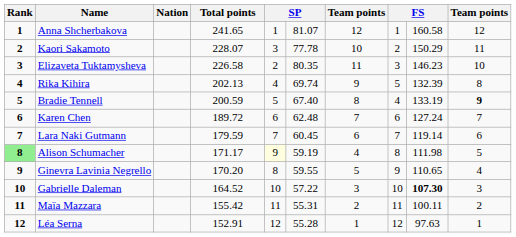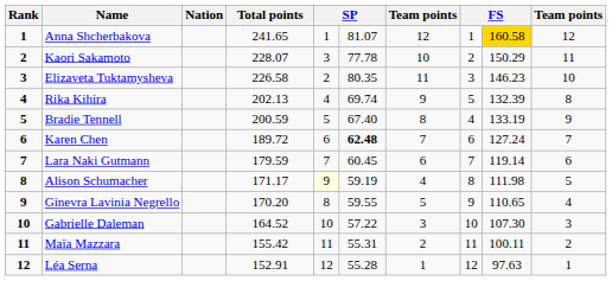 <table class="wikitable sortable">
 <tr>
 <th>Rank</th>
 <th>Name</th>
 <th>Nation</th>
 <th width="100">Total points</th>
 <th width="80" colspan="2"><a href='#'>SP</a></th>
 <th>Team points</th>
 <th width="80" colspan="2"><a href='#'>FS</a></th>
 <th>Team points</th>
 </tr>
 <tr>
 <td style="text-align: center;"><strong>1</strong></td>
 <td><a href='#'>Anna Shcherbakova</a></td>
 <td></td>
 <td style="text-align: center;">241.65</td>
 <td style="text-align: center;">1</td>
 <td style="text-align: center;">81.07</td>
 <td style="text-align: center;">12</td>
 <td style="text-align: center;">1</td>
-<td style="text-align: center;">160.58</td>
+<td style="background: gold; text-align: center;">160.58</td>
 <td style="text-align: center;">12</td>
 </tr>
 <tr>
 <td style="text-align: center;"><strong>2</strong></td>
 <td><a href='#'>Kaori Sakamoto</a></td>
 <td></td>
 <td style="text-align: center;">228.07</td>
 <td style="text-align: center;">3</td>
 <td style="text-align: center;">77.78</td>
 <td style="text-align: center;">10</td>
 <td style="text-align: center;">2</td>
 <td style="text-align: center;">150.29</td>
 <td style="text-align: center;">11</td>
 </tr>
 <tr>
 <td style="text-align: center;"><strong>3</strong></td>
 <td><a href='#'>Elizaveta Tuktamysheva</a></td>
 <td></td>
 <td style="text-align: center;">226.58</td>
 <td style="text-align: center;">2</td>
 <td style="text-align: center;">80.35</td>
 <td style="text-align: center;">11</td>
 <td style="text-align: center;">3</td>
 <td style="text-align: center;">146.23</td>
 <td style="text-align: center;">10</td>
 </tr>
 <tr>
 <td style="text-align: center;"><strong>4</strong></td>
 <td><a href='#'>Rika Kihira</a></td>
 <td></td>
 <td style="text-align: center;">202.13</td>
 <td style="text-align: center;">4</td>
 <td style="text-align: center;">69.74</td>
 <td style="text-align: center;">9</td>
 <td style="text-align: center;">5</td>
 <td style="text-align: center;">132.39</td>
 <td style="text-align: center;">8</td>
 </tr>
 <tr>
 <td style="text-align: center;"><strong>5</strong></td>
 <td><a href='#'>Bradie Tennell</a></td>
 <td></td>
 <td style="text-align: center;">200.59</td>
 <td style="text-align: center;">5</td>
 <td style="text-align: center;">67.40</td>
 <td style="text-align: center;">8</td>
 <td style="text-align: center;">4</td>
 <td style="text-align: center;">133.19</td>
-<td style="text-align: center;"><strong>9</strong></td>
+<td style="text-align: center;">9</td>
 </tr>
 <tr>
 <td style="text-align: center;"><strong>6</strong></td>
 <td><a href='#'>Karen Chen</a></td>
 <td></td>
 <td style="text-align: center;">189.72</td>
 <td style="text-align: center;">6</td>
-<td style="text-align: center;">62.48</td>
+<td style="text-align: center;"><strong>62.48</strong></td>
 <td style="text-align: center;">7</td>
 <td style="text-align: center;">6</td>
 <td style="text-align: center;">127.24</td>
 <td style="text-align: center;">7</td>
 </tr>
 <tr>
 <td style="text-align: center;"><strong>7</strong></td>
 <td><a href='#'>Lara Naki Gutmann</a></td>
 <td></td>
 <td style="text-align: center;">179.59</td>
 <td style="text-align: center;">7</td>
 <td style="text-align: center;">60.45</td>
 <td style="text-align: center;">6</td>
 <td style="text-align: center;">7</td>
 <td style="text-align: center;">119.14</td>
 <td style="text-align: center;">6</td>
 </tr>
 <tr>
-<td style="background: lightgreen; text-align: center;"><strong>8</strong></td>
+<td style="text-align: center;"><strong>8</strong></td>
 <td><a href='#'>Alison Schumacher</a></td>
 <td></td>
 <td style="text-align: center;">171.17</td>
 <td style="background: lightyellow; text-align: center;">9</td>
 <td style="text-align: center;">59.19</td>
 <td style="text-align: center;">4</td>
 <td style="text-align: center;">8</td>
 <td style="text-align: center;">111.98</td>
 <td style="text-align: center;">5</td>
 </tr>
 <tr>
 <td style="text-align: center;"><strong>9</strong></td>
 <td><a href='#'>Ginevra Lavinia Negrello</a></td>
 <td></td>
 <td style="text-align: center;">170.20</td>
 <td style="text-align: center;">8</td>
 <td style="text-align: center;">59.55</td>
 <td style="text-align: center;">5</td>
 <td style="text-align: center;">9</td>
 <td style="text-align: center;">110.65</td>
 <td style="text-align: center;">4</td>
 </tr>
 <tr>
 <td style="text-align: center;"><strong>10</strong></td>
 <td><a href='#'>Gabrielle Daleman</a></td>
 <td></td>
 <td style="text-align: center;">164.52</td>
 <td style="text-align: center;">10</td>
 <td style="text-align: center;">57.22</td>
 <td style="text-align: center;">3</td>
 <td style="text-align: center;">10</td>
-<td style="text-align: center;"><strong>107.30</strong></td>
+<td style="text-align: center;">107.30</td>
 <td style="text-align: center;">3</td>
 </tr>
 <tr>
 <td style="text-align: center;"><strong>11</strong></td>
 <td><a href='#'>Maïa Mazzara</a></td>
 <td></td>
 <td style="text-align: center;">155.42</td>
 <td style="text-align: center;">11</td>
 <td style="text-align: center;">55.31</td>
 <td style="text-align: center;">2</td>
 <td style="text-align: center;">11</td>
 <td style="text-align: center;">100.11</td>
 <td style="text-align: center;">2</td>
 </tr>
 <tr>
 <td style="text-align: center;"><strong>12</strong></td>
 <td><a href='#'>Léa Serna</a></td>
 <td></td>
 <td style="text-align: center;">152.91</td>
 <td style="text-align: center;">12</td>
 <td style="text-align: center;">55.28</td>
 <td style="text-align: center;">1</td>
 <td style="text-align: center;">12</td>
 <td style="text-align: center;">97.63</td>
 <td style="text-align: center;">1</td>
 </tr>
 </table>
